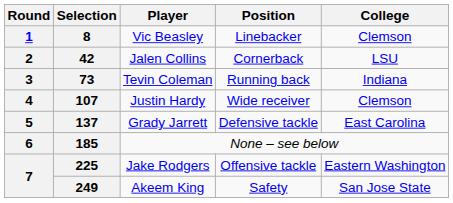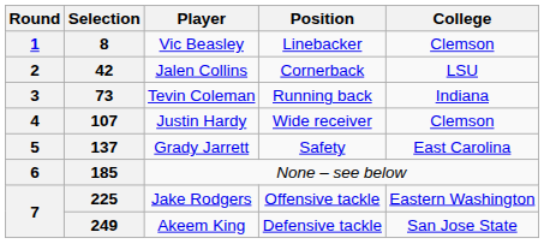 <table class="wikitable" style="font-size: 95%; text-align: center;">
 <tr>
 <th>Round</th>
 <th>Selection</th>
 <th>Player</th>
 <th>Position</th>
 <th>College</th>
 </tr>
 <tr>
 <th><a href='#'>1</a></th>
 <th>8</th>
 <td><a href='#'>Vic Beasley</a></td>
 <td><a href='#'>Linebacker</a></td>
 <td><a href='#'>Clemson</a></td>
 </tr>
 <tr>
 <th>2</th>
 <th>42</th>
 <td><a href='#'>Jalen Collins</a></td>
 <td><a href='#'>Cornerback</a></td>
 <td><a href='#'>LSU</a></td>
 </tr>
 <tr>
 <th>3</th>
 <th>73</th>
 <td><a href='#'>Tevin Coleman</a></td>
 <td><a href='#'>Running back</a></td>
 <td><a href='#'>Indiana</a></td>
 </tr>
 <tr>
 <th>4</th>
 <th>107</th>
 <td><a href='#'>Justin Hardy</a></td>
 <td><a href='#'>Wide receiver</a></td>
 <td><a href='#'>Clemson</a></td>
 </tr>
 <tr>
 <th>5</th>
 <th>137</th>
 <td><a href='#'>Grady Jarrett</a></td>
-<td><a href='#'>Defensive tackle</a></td>
+<td><a href='#'>Safety</a></td>
 <td><a href='#'>East Carolina</a></td>
 </tr>
 <tr>
 <th>6</th>
 <th>185</th>
 <td colspan="4" style="text-align:center;"><em>None – see below</em></td>
 </tr>
 <tr>
 <th rowspan=2>7</th>
 <th>225</th>
 <td><a href='#'>Jake Rodgers</a></td>
 <td><a href='#'>Offensive tackle</a></td>
 <td><a href='#'>Eastern Washington</a></td>
 </tr>
 <tr>
 <th>249</th>
 <td><a href='#'>Akeem King</a></td>
-<td><a href='#'>Safety</a></td>
+<td><a href='#'>Defensive tackle</a></td>
 <td><a href='#'>San Jose State</a></td>
 </tr>
 </table>
